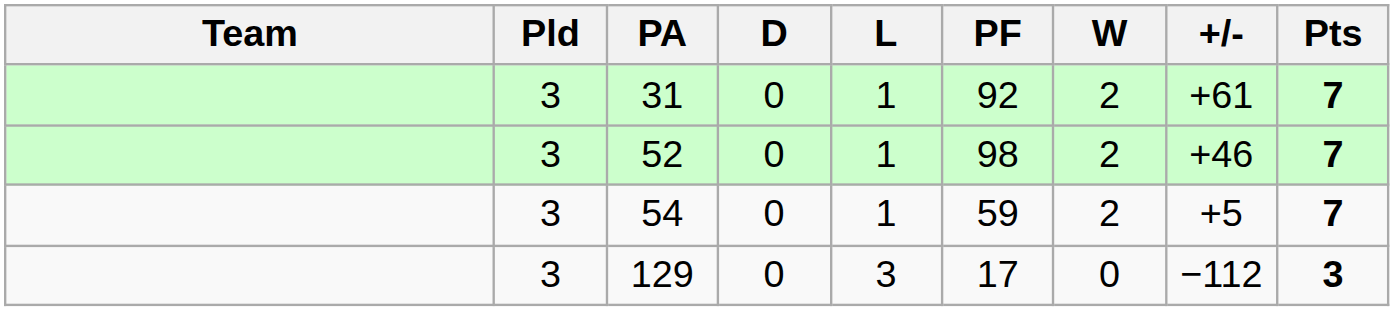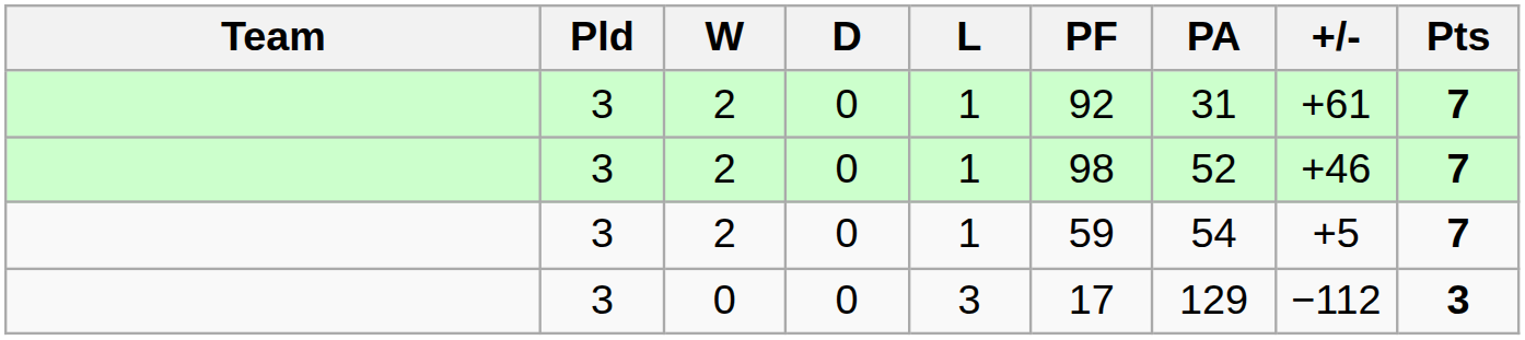 <table class="wikitable" style="text-align: center;">
 <tr>
 <th width="200">Team</th>
 <th width="40">Pld</th>
-<th width="40">PA</th>
+<th width="40">W</th>
 <th width="40">D</th>
 <th width="40">L</th>
 <th width="40">PF</th>
-<th width="40">W</th>
+<th width="40">PA</th>
 <th width="40">+/-</th>
 <th width="40">Pts</th>
 </tr>
 <tr bgcolor=ccffcc>
 <td align=left></td>
 <td>3</td>
-<td>31</td>
+<td>2</td>
 <td>0</td>
 <td>1</td>
 <td>92</td>
-<td>2</td>
+<td>31</td>
 <td>+61</td>
 <td><strong>7</strong></td>
 </tr>
 <tr bgcolor=ccffcc>
 <td align=left></td>
 <td>3</td>
-<td>52</td>
+<td>2</td>
 <td>0</td>
 <td>1</td>
 <td>98</td>
-<td>2</td>
+<td>52</td>
 <td>+46</td>
 <td><strong>7</strong></td>
 </tr>
 <tr>
 <td align=left></td>
 <td>3</td>
-<td>54</td>
+<td>2</td>
 <td>0</td>
 <td>1</td>
 <td>59</td>
-<td>2</td>
+<td>54</td>
 <td>+5</td>
 <td><strong>7</strong></td>
 </tr>
 <tr>
 <td align=left></td>
 <td>3</td>
-<td>129</td>
+<td>0</td>
 <td>0</td>
 <td>3</td>
 <td>17</td>
-<td>0</td>
+<td>129</td>
 <td>−112</td>
 <td><strong>3</strong></td>
 </tr>
 </table>
